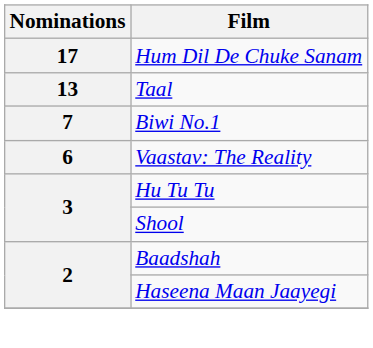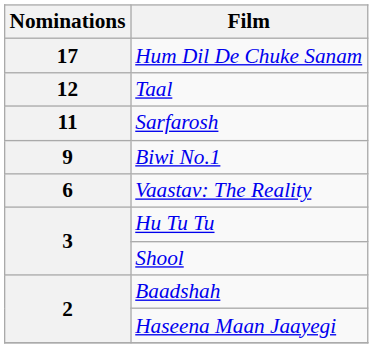 <table class="wikitable" style="display:inline-table;">
 <tr>
 <th>Nominations</th>
 <th>Film</th>
 </tr>
 <tr>
 <th>17</th>
 <td><em><a href='#'>Hum Dil De Chuke Sanam</a></em></td>
 </tr>
 <tr>
-<th>13</th>
+<th>12</th>
 <td><em><a href='#'>Taal</a></em></td>
 </tr>
 <tr>
-<th>7</th>
+<th>11</th>
+<td><em><a href='#'>Sarfarosh</a></em></td>
+</tr>
+<tr>
+<th>9</th>
 <td><em><a href='#'>Biwi No.1</a></em></td>
 </tr>
 <tr>
 <th>6</th>
 <td><em><a href='#'>Vaastav: The Reality</a></em></td>
 </tr>
 <tr>
 <th rowspan="2">3</th>
 <td><em><a href='#'>Hu Tu Tu</a></em></td>
 </tr>
 <tr>
 <td><em><a href='#'>Shool</a></em></td>
 </tr>
 <tr>
 <th rowspan="2">2</th>
 <td><em><a href='#'>Baadshah</a></em></td>
 </tr>
 <tr>
 <td><em><a href='#'>Haseena Maan Jaayegi</a></em></td>
 </tr>
 <tr>
 </tr>
 </table>
